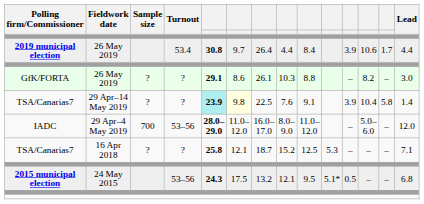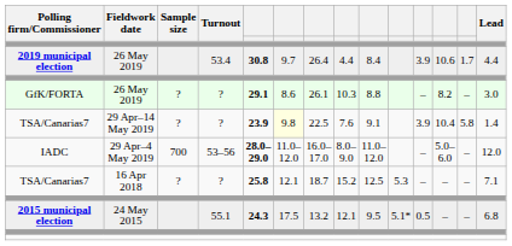 <table class="wikitable collapsible collapsed" style="text-align:center; font-size:95%; line-height:16px;">
 <tr style="height:42px;">
 <th style="width:250px;" rowspan="2">Polling firm/Commissioner</th>
 <th style="width:125px;" rowspan="2">Fieldwork date</th>
 <th style="width:50px;" rowspan="2">Sample size</th>
 <th style="width:45px;" rowspan="2">Turnout</th>
 <th style="width:35px;"></th>
 <th style="width:35px;"></th>
 <th style="width:35px;"></th>
 <th style="width:35px;"></th>
 <th style="width:35px;"></th>
 <th style="width:35px;"></th>
 <th style="width:35px;"></th>
 <th style="width:35px;"></th>
 <th style="width:35px;"></th>
 <th style="width:30px;" rowspan="2">Lead</th>
 </tr>
 <tr>
 <th style="color:inherit;background:"></th>
 <th style="color:inherit;background:"></th>
 <th style="color:inherit;background:"></th>
 <th style="color:inherit;background:"></th>
 <th style="color:inherit;background:"></th>
 <th style="color:inherit;background:"></th>
 <th style="color:inherit;background:"></th>
 <th style="color:inherit;background:"></th>
 <th style="color:inherit;background:"></th>
 </tr>
 <tr>
 <td colspan="14" style="background:#A0A0A0"></td>
 </tr>
 <tr style="background:#EFEFEF;">
 <td><strong><a href='#'>2019 municipal election</a></strong></td>
 <td>26 May 2019</td>
 <td></td>
 <td>53.4</td>
 <td><strong>30.8</strong><br></td>
 <td>9.7<br></td>
 <td>26.4<br></td>
 <td>4.4<br></td>
 <td>8.4<br></td>
 <td></td>
 <td>3.9<br></td>
 <td>10.6<br></td>
 <td>1.7<br></td>
 <td style="background:">4.4</td>
 </tr>
 <tr>
 <td colspan="14" style="background:#A0A0A0"></td>
 </tr>
 <tr style="background:#EAFFEA;">
 <td>GfK/FORTA</td>
 <td>26 May 2019</td>
 <td>?</td>
 <td>?</td>
 <td><strong>29.1</strong><br></td>
 <td>8.6<br></td>
 <td>26.1<br></td>
 <td>10.3<br></td>
 <td>8.8<br></td>
 <td></td>
 <td>–</td>
 <td>8.2<br></td>
 <td>–</td>
 <td style="background:">3.0</td>
 </tr>
 <tr>
 <td>TSA/Canarias7</td>
 <td>29 Apr–14 May 2019</td>
 <td>?</td>
 <td>?</td>
-<td style="background: paleturquoise;"><strong>23.9</strong><br></td>
+<td><strong>23.9</strong><br></td>
 <td style="background: lightyellow;">9.8<br></td>
 <td>22.5<br></td>
 <td>7.6<br></td>
 <td>9.1<br></td>
 <td></td>
 <td>3.9<br></td>
 <td>10.4<br></td>
 <td>5.8<br></td>
 <td style="background:">1.4</td>
 </tr>
 <tr>
 <td>IADC</td>
 <td>29 Apr–4 May 2019</td>
 <td>700</td>
 <td>53–56</td>
 <td><strong>28.0–<br>29.0</strong><br></td>
 <td>11.0–<br>12.0<br></td>
 <td>16.0–<br>17.0<br></td>
 <td>8.0–<br>9.0<br></td>
 <td>11.0–<br>12.0<br></td>
 <td></td>
 <td>–</td>
 <td>5.0–<br>6.0<br></td>
 <td>–</td>
 <td style="background:">12.0</td>
 </tr>
 <tr>
 <td>TSA/Canarias7</td>
 <td>16 Apr 2018</td>
 <td>?</td>
 <td>?</td>
 <td><strong>25.8</strong><br></td>
 <td>12.1<br></td>
 <td>18.7<br></td>
 <td>15.2<br></td>
 <td>12.5<br></td>
 <td>5.3<br></td>
 <td>–</td>
 <td>–</td>
 <td>–</td>
 <td style="background:">7.1</td>
 </tr>
 <tr>
 <td colspan="14" style="background:#A0A0A0"></td>
 </tr>
 <tr style="background:#EFEFEF;">
 <td><strong><a href='#'>2015 municipal election</a></strong></td>
 <td>24 May 2015</td>
 <td></td>
-<td>53–56</td>
+<td>55.1</td>
 <td><strong>24.3</strong><br></td>
 <td>17.5<br></td>
 <td>13.2<br></td>
 <td>12.1<br></td>
 <td>9.5<br></td>
 <td>5.1*<br></td>
 <td>0.5<br></td>
 <td>–</td>
 <td>–</td>
 <td style="background:">6.8</td>
 </tr>
 <tr>
 <td colspan="14" style="background:#A0A0A0"></td>
 </tr>
 <tr>
 <td align="left" colspan="14"></td>
 </tr>
 </table>
